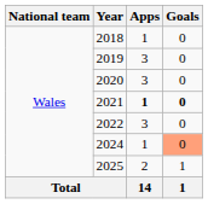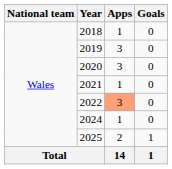 <table class="wikitable" style="text-align:center">
 <tr>
 <th>National team</th>
 <th>Year</th>
 <th>Apps</th>
 <th>Goals</th>
 </tr>
 <tr>
 <td rowspan=7><a href='#'>Wales</a></td>
 <td>2018</td>
 <td>1</td>
 <td>0</td>
 </tr>
 <tr>
 <td>2019</td>
 <td>3</td>
 <td>0</td>
 </tr>
 <tr>
 <td>2020</td>
 <td>3</td>
 <td>0</td>
 </tr>
 <tr>
 <td>2021</td>
-<td><strong>1</strong></td>
-<td><strong>0</strong></td>
+<td>1</td>
+<td>0</td>
 </tr>
 <tr>
 <td>2022</td>
-<td>3</td>
+<td style="background: lightsalmon;">3</td>
 <td>0</td>
 </tr>
 <tr>
 <td>2024</td>
 <td>1</td>
-<td style="background: lightsalmon;">0</td>
+<td>0</td>
 </tr>
 <tr>
 <td>2025</td>
 <td>2</td>
 <td>1</td>
 </tr>
 <tr>
 <th colspan=2>Total</th>
 <th>14</th>
 <th>1</th>
 </tr>
 </table>
